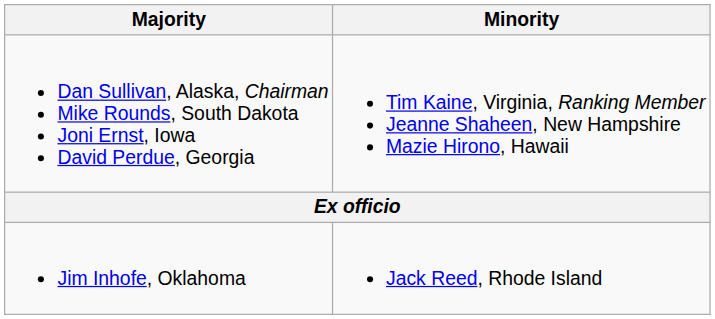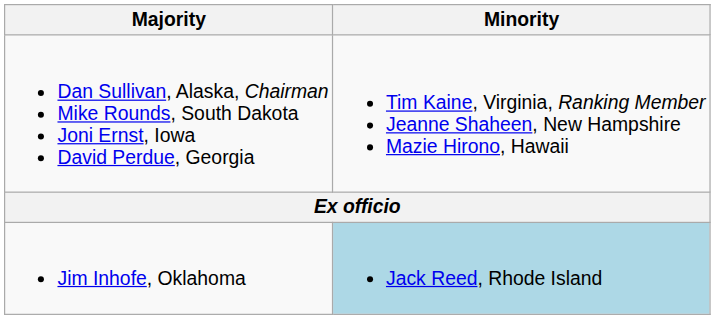 <table class=wikitable>
 <tr>
 <th>Majority</th>
 <th>Minority</th>
 </tr>
 <tr>
 <td><br><ul><li><a href='#'>Dan Sullivan</a>, Alaska, <em>Chairman</em></li><li><a href='#'>Mike Rounds</a>, South Dakota</li><li><a href='#'>Joni Ernst</a>, Iowa</li><li><a href='#'>David Perdue</a>, Georgia</li></ul></td>
 <td><br><ul><li><a href='#'>Tim Kaine</a>, Virginia, <em>Ranking Member</em></li><li><a href='#'>Jeanne Shaheen</a>, New Hampshire</li><li><a href='#'>Mazie Hirono</a>, Hawaii</li></ul></td>
 </tr>
 <tr>
 <th colspan=2><em>Ex officio</em></th>
 </tr>
 <tr>
 <td><br><ul><li><a href='#'>Jim Inhofe</a>, Oklahoma</li></ul></td>
-<td><br><ul><li><a href='#'>Jack Reed</a>, Rhode Island</li></ul></td>
+<td style="background: lightblue;"><br><ul><li><a href='#'>Jack Reed</a>, Rhode Island</li></ul></td>
 </tr>
 </table>
